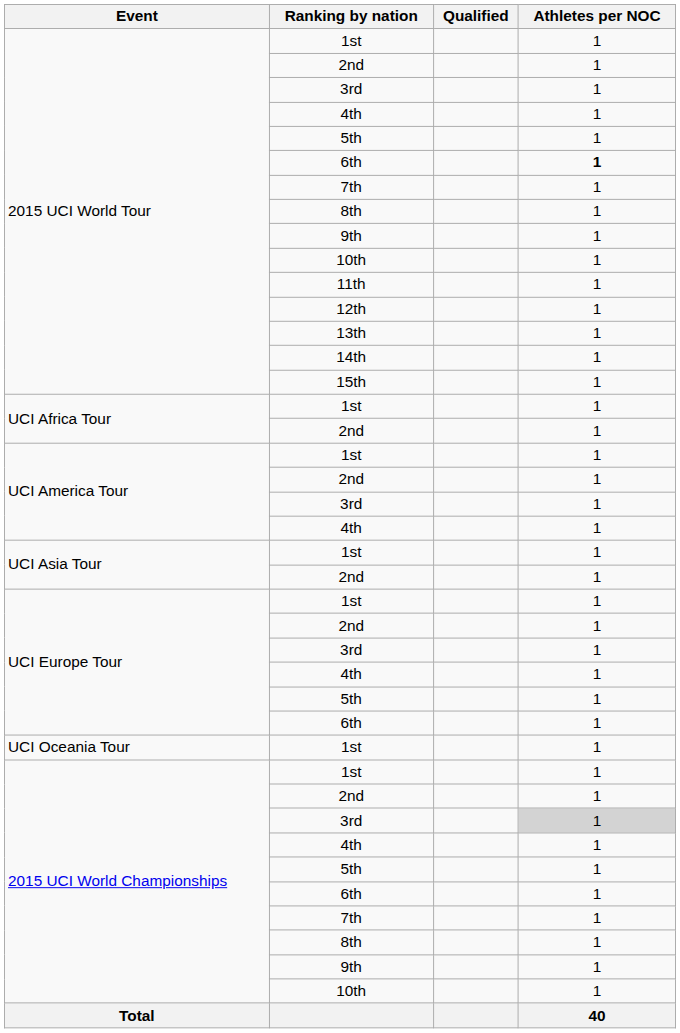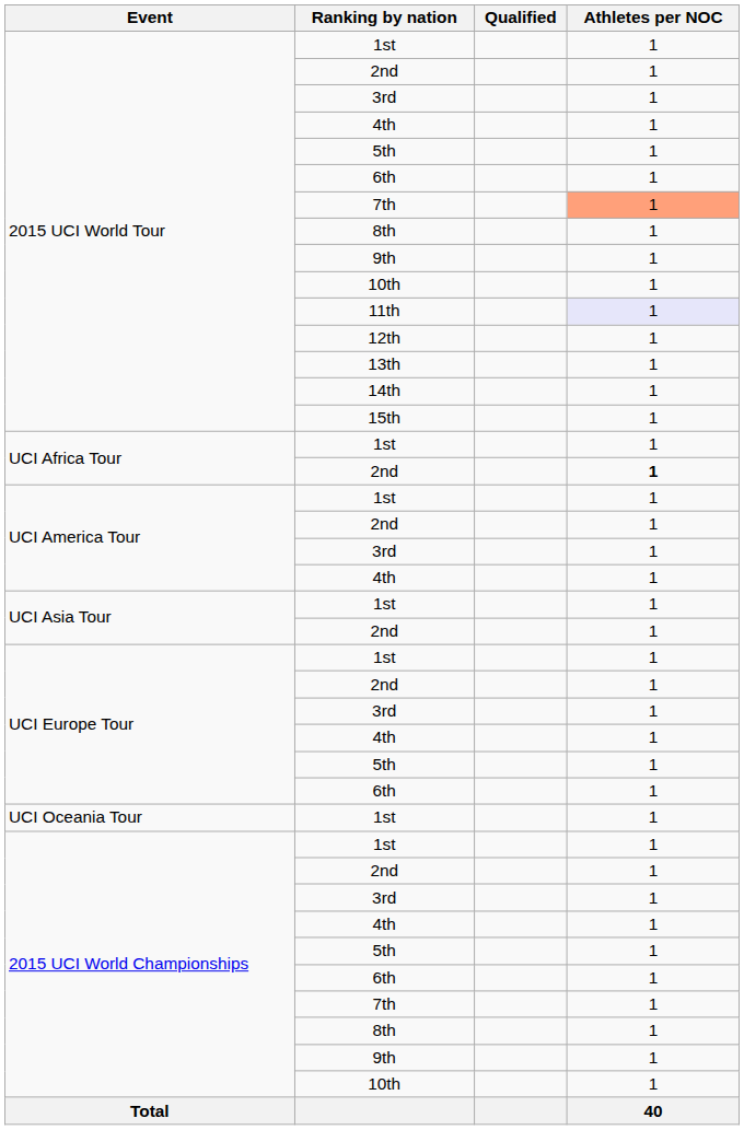 <table class="wikitable"  style="width:700px; text-align:center;">
 <tr>
 <th>Event</th>
 <th>Ranking by nation</th>
 <th>Qualified</th>
 <th>Athletes per NOC</th>
 </tr>
 <tr>
 <td rowspan=15 align=left>2015 UCI World Tour</td>
 <td>1st</td>
 <td align="left"></td>
 <td>1</td>
 </tr>
 <tr>
 <td>2nd</td>
 <td align="left"></td>
 <td>1</td>
 </tr>
 <tr>
 <td>3rd</td>
 <td align="left"></td>
 <td>1</td>
 </tr>
 <tr>
 <td>4th</td>
 <td align="left"></td>
 <td>1</td>
 </tr>
 <tr>
 <td>5th</td>
 <td align="left"></td>
 <td>1</td>
 </tr>
 <tr>
 <td>6th</td>
 <td align="left"></td>
-<td><strong>1</strong></td>
+<td>1</td>
 </tr>
 <tr>
 <td>7th</td>
 <td align="left"></td>
-<td>1</td>
+<td style="background: lightsalmon;">1</td>
 </tr>
 <tr>
 <td>8th</td>
 <td align="left"></td>
 <td>1</td>
 </tr>
 <tr>
 <td>9th</td>
 <td align="left"></td>
 <td>1</td>
 </tr>
 <tr>
 <td>10th</td>
 <td align="left"></td>
 <td>1</td>
 </tr>
 <tr>
 <td>11th</td>
 <td align="left"></td>
-<td>1</td>
+<td style="background: lavender;">1</td>
 </tr>
 <tr>
 <td>12th</td>
 <td align="left"></td>
 <td>1</td>
 </tr>
 <tr>
 <td>13th</td>
 <td align="left"></td>
 <td>1</td>
 </tr>
 <tr>
 <td>14th</td>
 <td align="left"></td>
 <td>1</td>
 </tr>
 <tr>
 <td>15th</td>
 <td align="left"></td>
 <td>1</td>
 </tr>
 <tr>
 <td rowspan=2 align=left>UCI Africa Tour</td>
 <td>1st</td>
 <td align="left"></td>
 <td>1</td>
 </tr>
 <tr>
 <td>2nd</td>
 <td align="left"></td>
-<td>1</td>
+<td><strong>1</strong></td>
 </tr>
 <tr>
 <td rowspan=4 align=left>UCI America Tour</td>
 <td>1st</td>
 <td align="left"></td>
 <td>1</td>
 </tr>
 <tr>
 <td>2nd</td>
 <td align="left"></td>
 <td>1</td>
 </tr>
 <tr>
 <td>3rd</td>
 <td align="left"></td>
 <td>1</td>
 </tr>
 <tr>
 <td>4th</td>
 <td align="left"></td>
 <td>1</td>
 </tr>
 <tr>
 <td rowspan=2 align=left>UCI Asia Tour</td>
 <td>1st</td>
 <td align="left"></td>
 <td>1</td>
 </tr>
 <tr>
 <td>2nd</td>
 <td align="left"></td>
 <td>1</td>
 </tr>
 <tr>
 <td rowspan=6 align=left>UCI Europe Tour</td>
 <td>1st</td>
 <td align="left"></td>
 <td>1</td>
 </tr>
 <tr>
 <td>2nd</td>
 <td align="left"></td>
 <td>1</td>
 </tr>
 <tr>
 <td>3rd</td>
 <td align="left"></td>
 <td>1</td>
 </tr>
 <tr>
 <td>4th</td>
 <td align="left"></td>
 <td>1</td>
 </tr>
 <tr>
 <td>5th</td>
 <td align="left"></td>
 <td>1</td>
 </tr>
 <tr>
 <td>6th</td>
 <td align="left"></td>
 <td>1</td>
 </tr>
 <tr>
 <td align=left>UCI Oceania Tour</td>
 <td>1st</td>
 <td align="left"></td>
 <td>1</td>
 </tr>
 <tr>
 <td rowspan=10 align=left><a href='#'>2015 UCI World Championships</a></td>
 <td>1st</td>
 <td align="left"></td>
 <td>1</td>
 </tr>
 <tr>
 <td>2nd</td>
 <td align="left"></td>
 <td>1</td>
 </tr>
 <tr>
 <td>3rd</td>
 <td align="left"></td>
-<td style="background: lightgrey;">1</td>
+<td>1</td>
 </tr>
 <tr>
 <td>4th</td>
 <td align="left"></td>
 <td>1</td>
 </tr>
 <tr>
 <td>5th</td>
 <td align="left"></td>
 <td>1</td>
 </tr>
 <tr>
 <td>6th</td>
 <td align="left"></td>
 <td>1</td>
 </tr>
 <tr>
 <td>7th</td>
 <td align="left"></td>
 <td>1</td>
 </tr>
 <tr>
 <td>8th</td>
 <td align="left"></td>
 <td>1</td>
 </tr>
 <tr>
 <td>9th</td>
 <td align="left"></td>
 <td>1</td>
 </tr>
 <tr>
 <td>10th</td>
 <td align="left"></td>
 <td>1</td>
 </tr>
 <tr>
 <th>Total</th>
 <th></th>
 <th></th>
 <th>40</th>
 </tr>
 </table>
